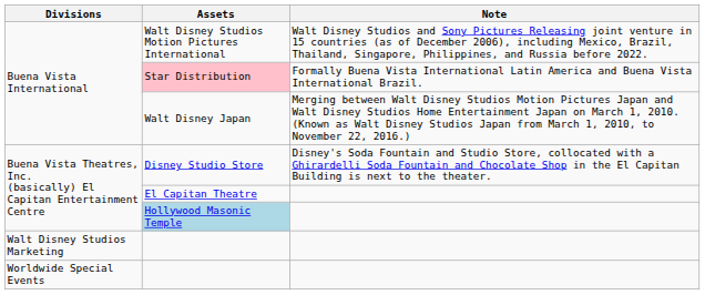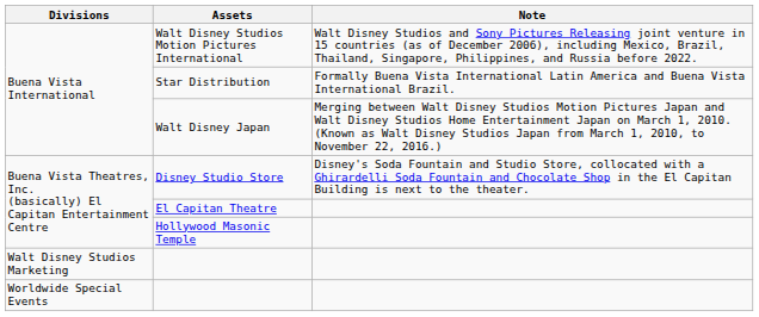 <table class="wikitable">
 <tr>
 <th>Divisions</th>
 <th>Assets</th>
 <th>Note</th>
 </tr>
 <tr>
 <td rowspan="3">Buena Vista International</td>
 <td>Walt Disney Studios Motion Pictures International</td>
 <td>Walt Disney Studios and <a href='#'>Sony Pictures Releasing</a> joint venture in 15 countries (as of December 2006), including Mexico, Brazil, Thailand, Singapore, Philippines, and Russia before 2022.</td>
 </tr>
 <tr>
-<td style="background: pink;">Star Distribution</td>
+<td>Star Distribution</td>
 <td>Formally Buena Vista International Latin America and Buena Vista International Brazil.</td>
 </tr>
 <tr>
 <td>Walt Disney Japan</td>
 <td>Merging between Walt Disney Studios Motion Pictures Japan and Walt Disney Studios Home Entertainment Japan on March 1, 2010. (Known as Walt Disney Studios Japan from March 1, 2010, to November 22, 2016.)</td>
 </tr>
 <tr>
 <td rowspan="3">Buena Vista Theatres, Inc. <br>(basically) El Capitan Entertainment Centre</td>
 <td><a href='#'>Disney Studio Store</a></td>
 <td>Disney's Soda Fountain and Studio Store, collocated with a <a href='#'>Ghirardelli Soda Fountain and Chocolate Shop</a> in the El Capitan Building is next to the theater.</td>
 </tr>
 <tr>
 <td><a href='#'>El Capitan Theatre</a></td>
 <td></td>
 </tr>
 <tr>
-<td style="background: lightblue;"><a href='#'>Hollywood Masonic Temple</a></td>
+<td><a href='#'>Hollywood Masonic Temple</a></td>
 <td></td>
 </tr>
 <tr>
 <td>Walt Disney Studios Marketing</td>
 <td></td>
 <td></td>
 </tr>
 <tr>
 <td>Worldwide Special Events</td>
 <td></td>
 <td></td>
 </tr>
 </table>
